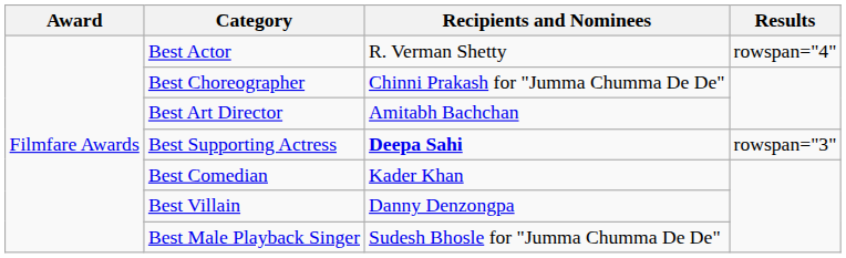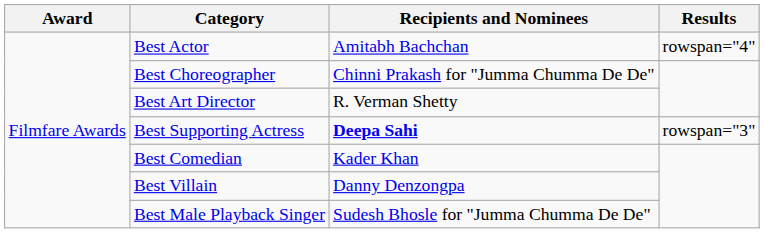 <table class="wikitable plainrowheaders sortable">
 <tr>
 <th>Award</th>
 <th>Category</th>
 <th>Recipients and Nominees</th>
 <th>Results</th>
 </tr>
 <tr>
 <td rowspan="7"><a href='#'>Filmfare Awards</a></td>
 <td><a href='#'>Best Actor</a></td>
-<td>R. Verman Shetty</td>
+<td><a href='#'>Amitabh Bachchan</a></td>
 <td>rowspan="4" </td>
 </tr>
 <tr>
 <td><a href='#'>Best Choreographer</a></td>
 <td><a href='#'>Chinni Prakash</a> for "Jumma Chumma De De"</td>
 </tr>
 <tr>
 <td><a href='#'>Best Art Director</a></td>
-<td><a href='#'>Amitabh Bachchan</a></td>
+<td>R. Verman Shetty</td>
 </tr>
 <tr>
 <td><a href='#'>Best Supporting Actress</a></td>
 <td><strong><a href='#'>Deepa Sahi</a></strong></td>
 <td>rowspan="3" </td>
 </tr>
 <tr>
 <td><a href='#'>Best Comedian</a></td>
 <td><a href='#'>Kader Khan</a></td>
 </tr>
 <tr>
 <td><a href='#'>Best Villain</a></td>
 <td><a href='#'>Danny Denzongpa</a></td>
 </tr>
 <tr>
 <td><a href='#'>Best Male Playback Singer</a></td>
 <td><a href='#'>Sudesh Bhosle</a> for "Jumma Chumma De De"</td>
 </tr>
 </table>
